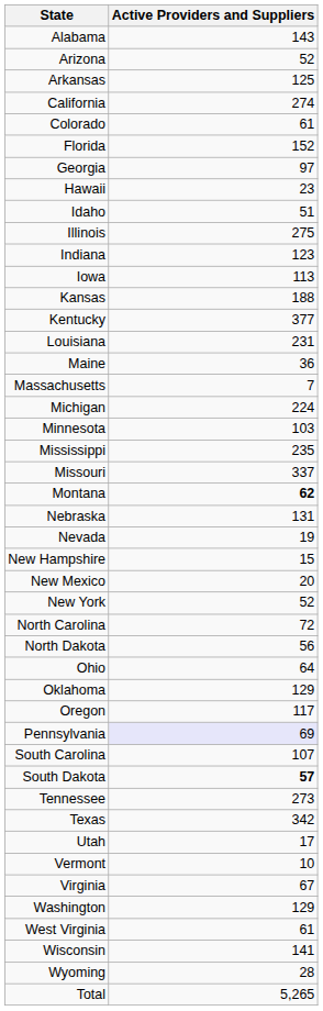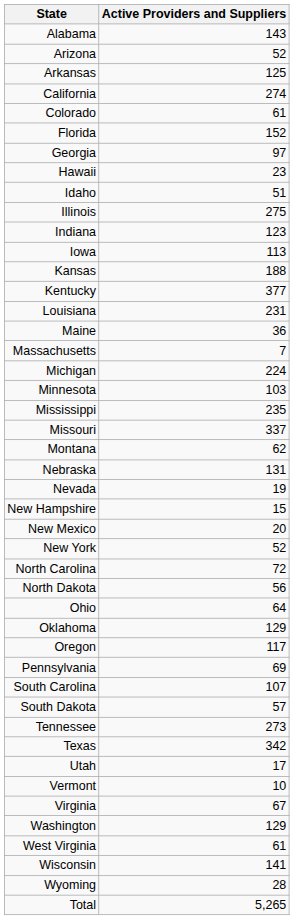 <table class="wikitable sortable" style="text-align:right">
 <tr>
 <th scope="col">State</th>
 <th scope="col">Active Providers and Suppliers</th>
 </tr>
 <tr>
 <td>Alabama</td>
 <td>143</td>
 </tr>
 <tr>
 <td>Arizona</td>
 <td>52</td>
 </tr>
 <tr>
 <td>Arkansas</td>
 <td>125</td>
 </tr>
 <tr>
 <td>California</td>
 <td>274</td>
 </tr>
 <tr>
 <td>Colorado</td>
 <td>61</td>
 </tr>
 <tr>
 <td>Florida</td>
 <td>152</td>
 </tr>
 <tr>
 <td>Georgia</td>
 <td>97</td>
 </tr>
 <tr>
 <td>Hawaii</td>
 <td>23</td>
 </tr>
 <tr>
 <td>Idaho</td>
 <td>51</td>
 </tr>
 <tr>
 <td>Illinois</td>
 <td>275</td>
 </tr>
 <tr>
 <td>Indiana</td>
 <td>123</td>
 </tr>
 <tr>
 <td>Iowa</td>
 <td>113</td>
 </tr>
 <tr>
 <td>Kansas</td>
 <td>188</td>
 </tr>
 <tr>
 <td>Kentucky</td>
 <td>377</td>
 </tr>
 <tr>
 <td>Louisiana</td>
 <td>231</td>
 </tr>
 <tr>
 <td>Maine</td>
 <td>36</td>
 </tr>
 <tr>
 <td>Massachusetts</td>
 <td>7</td>
 </tr>
 <tr>
 <td>Michigan</td>
 <td>224</td>
 </tr>
 <tr>
 <td>Minnesota</td>
 <td>103</td>
 </tr>
 <tr>
 <td>Mississippi</td>
 <td>235</td>
 </tr>
 <tr>
 <td>Missouri</td>
 <td>337</td>
 </tr>
 <tr>
 <td>Montana</td>
-<td><strong>62</strong></td>
+<td>62</td>
 </tr>
 <tr>
 <td>Nebraska</td>
 <td>131</td>
 </tr>
 <tr>
 <td>Nevada</td>
 <td>19</td>
 </tr>
 <tr>
 <td>New Hampshire</td>
 <td>15</td>
 </tr>
 <tr>
 <td>New Mexico</td>
 <td>20</td>
 </tr>
 <tr>
 <td>New York</td>
 <td>52</td>
 </tr>
 <tr>
 <td>North Carolina</td>
 <td>72</td>
 </tr>
 <tr>
 <td>North Dakota</td>
 <td>56</td>
 </tr>
 <tr>
 <td>Ohio</td>
 <td>64</td>
 </tr>
 <tr>
 <td>Oklahoma</td>
 <td>129</td>
 </tr>
 <tr>
 <td>Oregon</td>
 <td>117</td>
 </tr>
 <tr>
 <td>Pennsylvania</td>
-<td style="background: lavender;">69</td>
+<td>69</td>
 </tr>
 <tr>
 <td>South Carolina</td>
 <td>107</td>
 </tr>
 <tr>
 <td>South Dakota</td>
-<td><strong>57</strong></td>
+<td>57</td>
 </tr>
 <tr>
 <td>Tennessee</td>
 <td>273</td>
 </tr>
 <tr>
 <td>Texas</td>
 <td>342</td>
 </tr>
 <tr>
 <td>Utah</td>
 <td>17</td>
 </tr>
 <tr>
 <td>Vermont</td>
 <td>10</td>
 </tr>
 <tr>
 <td>Virginia</td>
 <td>67</td>
 </tr>
 <tr>
 <td>Washington</td>
 <td>129</td>
 </tr>
 <tr>
 <td>West Virginia</td>
 <td>61</td>
 </tr>
 <tr>
 <td>Wisconsin</td>
 <td>141</td>
 </tr>
 <tr>
 <td>Wyoming</td>
 <td>28</td>
 </tr>
 <tr class="sortbottom">
 <td>Total</td>
 <td>5,265</td>
 </tr>
 </table>
